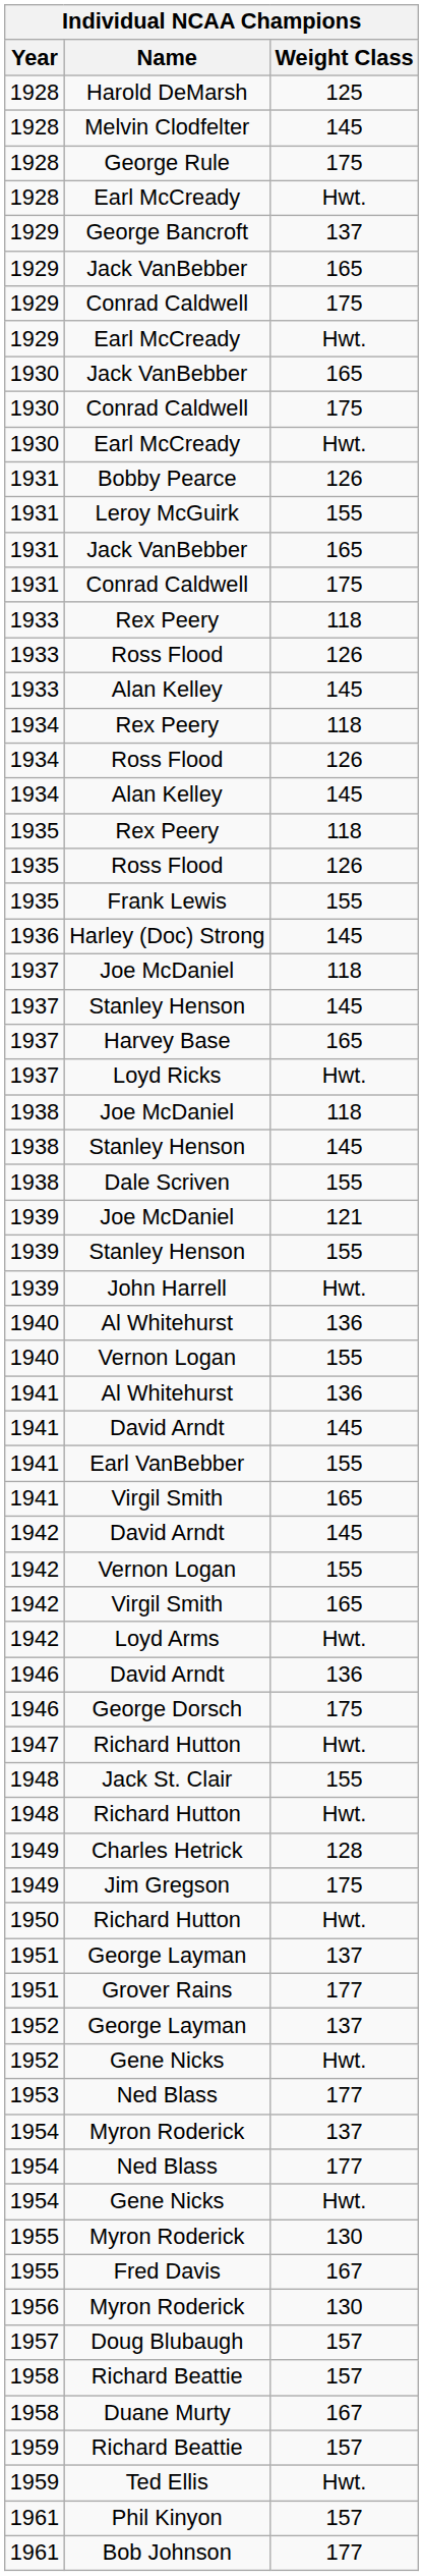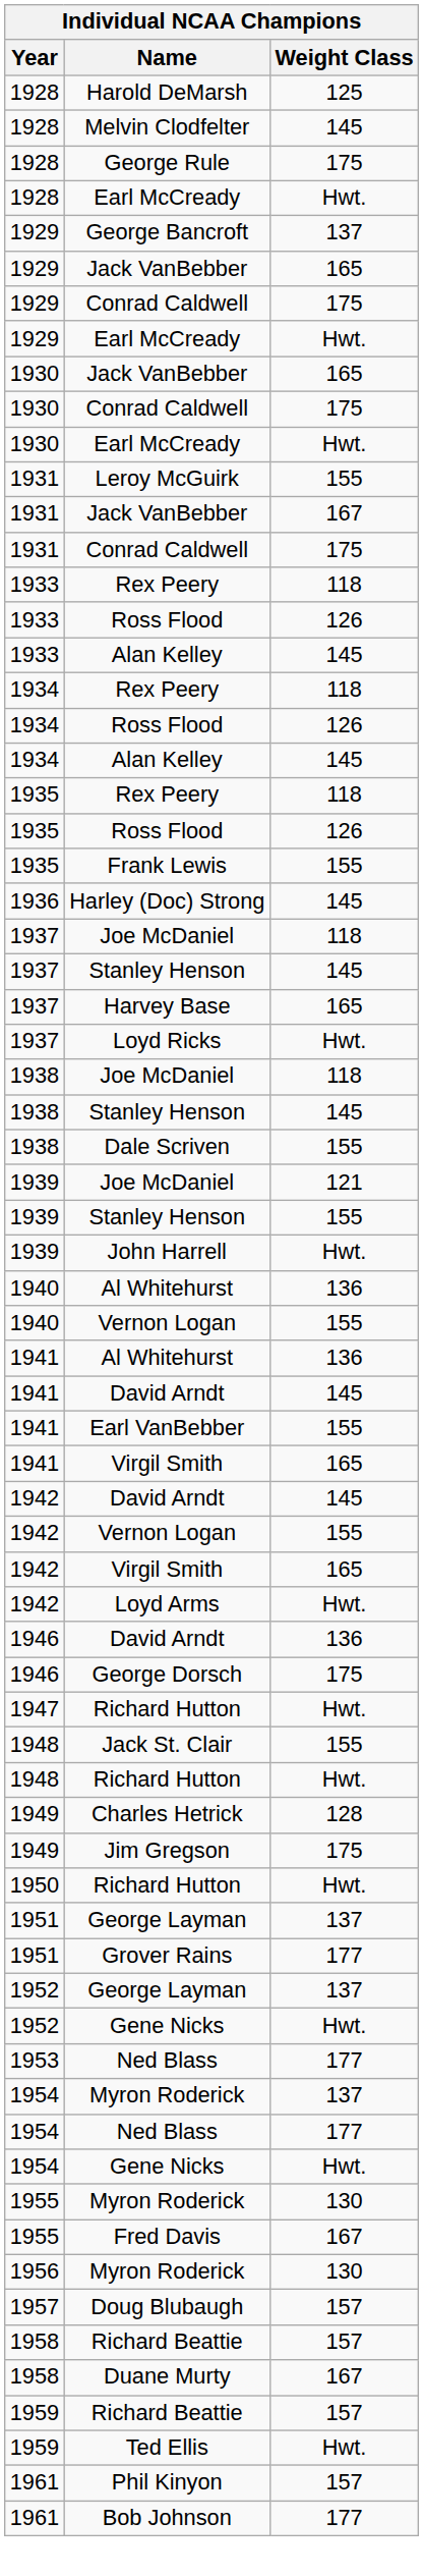 <table class="wikitable">
 <tr>
 <th colspan="3">Individual NCAA Champions</th>
 </tr>
 <tr>
 <th scope="col">Year</th>
 <th scope="col">Name</th>
 <th scope="col">Weight Class</th>
 </tr>
 <tr>
 <td>1928</td>
 <td style="text-align: center;">Harold DeMarsh</td>
 <td style="text-align: center;">125</td>
 </tr>
 <tr>
 <td>1928</td>
 <td style="text-align: center;">Melvin Clodfelter</td>
 <td style="text-align: center;">145</td>
 </tr>
 <tr>
 <td>1928</td>
 <td style="text-align: center;">George Rule</td>
 <td style="text-align: center;">175</td>
 </tr>
 <tr>
 <td>1928</td>
 <td style="text-align: center;">Earl McCready</td>
 <td style="text-align: center;">Hwt.</td>
 </tr>
 <tr>
 <td>1929</td>
 <td style="text-align: center;">George Bancroft</td>
 <td style="text-align: center;">137</td>
 </tr>
 <tr>
 <td>1929</td>
 <td style="text-align: center;">Jack VanBebber</td>
 <td style="text-align: center;">165</td>
 </tr>
 <tr>
 <td>1929</td>
 <td style="text-align: center;">Conrad Caldwell</td>
 <td style="text-align: center;">175</td>
 </tr>
 <tr>
 <td>1929</td>
 <td style="text-align: center;">Earl McCready</td>
 <td style="text-align: center;">Hwt.</td>
 </tr>
 <tr>
 <td>1930</td>
 <td style="text-align: center;">Jack VanBebber</td>
 <td style="text-align: center;">165</td>
 </tr>
 <tr>
 <td>1930</td>
 <td style="text-align: center;">Conrad Caldwell</td>
 <td style="text-align: center;">175</td>
 </tr>
 <tr>
 <td>1930</td>
 <td style="text-align: center;">Earl McCready</td>
 <td style="text-align: center;">Hwt.</td>
 </tr>
 <tr>
 <td>1931</td>
-<td style="text-align: center;">Bobby Pearce</td>
-<td style="text-align: center;">126</td>
-</tr>
-<tr>
-<td>1931</td>
 <td style="text-align: center;">Leroy McGuirk</td>
 <td style="text-align: center;">155</td>
 </tr>
 <tr>
 <td>1931</td>
 <td style="text-align: center;">Jack VanBebber</td>
-<td style="text-align: center;">165</td>
+<td style="text-align: center;">167</td>
 </tr>
 <tr>
 <td>1931</td>
 <td style="text-align: center;">Conrad Caldwell</td>
 <td style="text-align: center;">175</td>
 </tr>
 <tr>
 <td>1933</td>
 <td style="text-align: center;">Rex Peery</td>
 <td style="text-align: center;">118</td>
 </tr>
 <tr>
 <td>1933</td>
 <td style="text-align: center;">Ross Flood</td>
 <td style="text-align: center;">126</td>
 </tr>
 <tr>
 <td>1933</td>
 <td style="text-align: center;">Alan Kelley</td>
 <td style="text-align: center;">145</td>
 </tr>
 <tr>
 <td>1934</td>
 <td style="text-align: center;">Rex Peery</td>
 <td style="text-align: center;">118</td>
 </tr>
 <tr>
 <td>1934</td>
 <td style="text-align: center;">Ross Flood</td>
 <td style="text-align: center;">126</td>
 </tr>
 <tr>
 <td>1934</td>
 <td style="text-align: center;">Alan Kelley</td>
 <td style="text-align: center;">145</td>
 </tr>
 <tr>
 <td>1935</td>
 <td style="text-align: center;">Rex Peery</td>
 <td style="text-align: center;">118</td>
 </tr>
 <tr>
 <td>1935</td>
 <td style="text-align: center;">Ross Flood</td>
 <td style="text-align: center;">126</td>
 </tr>
 <tr>
 <td>1935</td>
 <td style="text-align: center;">Frank Lewis</td>
 <td style="text-align: center;">155</td>
 </tr>
 <tr>
 <td>1936</td>
 <td style="text-align: center;">Harley (Doc) Strong</td>
 <td style="text-align: center;">145</td>
 </tr>
 <tr>
 <td>1937</td>
 <td style="text-align: center;">Joe McDaniel</td>
 <td style="text-align: center;">118</td>
 </tr>
 <tr>
 <td>1937</td>
 <td style="text-align: center;">Stanley Henson</td>
 <td style="text-align: center;">145</td>
 </tr>
 <tr>
 <td>1937</td>
 <td style="text-align: center;">Harvey Base</td>
 <td style="text-align: center;">165</td>
 </tr>
 <tr>
 <td>1937</td>
 <td style="text-align: center;">Loyd Ricks</td>
 <td style="text-align: center;">Hwt.</td>
 </tr>
 <tr>
 <td>1938</td>
 <td style="text-align: center;">Joe McDaniel</td>
 <td style="text-align: center;">118</td>
 </tr>
 <tr>
 <td>1938</td>
 <td style="text-align: center;">Stanley Henson</td>
 <td style="text-align: center;">145</td>
 </tr>
 <tr>
 <td>1938</td>
 <td style="text-align: center;">Dale Scriven</td>
 <td style="text-align: center;">155</td>
 </tr>
 <tr>
 <td>1939</td>
 <td style="text-align: center;">Joe McDaniel</td>
 <td style="text-align: center;">121</td>
 </tr>
 <tr>
 <td>1939</td>
 <td style="text-align: center;">Stanley Henson</td>
 <td style="text-align: center;">155</td>
 </tr>
 <tr>
 <td>1939</td>
 <td style="text-align: center;">John Harrell</td>
 <td style="text-align: center;">Hwt.</td>
 </tr>
 <tr>
 <td>1940</td>
 <td style="text-align: center;">Al Whitehurst</td>
 <td style="text-align: center;">136</td>
 </tr>
 <tr>
 <td>1940</td>
 <td style="text-align: center;">Vernon Logan</td>
 <td style="text-align: center;">155</td>
 </tr>
 <tr>
 <td>1941</td>
 <td style="text-align: center;">Al Whitehurst</td>
 <td style="text-align: center;">136</td>
 </tr>
 <tr>
 <td>1941</td>
 <td style="text-align: center;">David Arndt</td>
 <td style="text-align: center;">145</td>
 </tr>
 <tr>
 <td>1941</td>
 <td style="text-align: center;">Earl VanBebber</td>
 <td style="text-align: center;">155</td>
 </tr>
 <tr>
 <td>1941</td>
 <td style="text-align: center;">Virgil Smith</td>
 <td style="text-align: center;">165</td>
 </tr>
 <tr>
 <td>1942</td>
 <td style="text-align: center;">David Arndt</td>
 <td style="text-align: center;">145</td>
 </tr>
 <tr>
 <td>1942</td>
 <td style="text-align: center;">Vernon Logan</td>
 <td style="text-align: center;">155</td>
 </tr>
 <tr>
 <td>1942</td>
 <td style="text-align: center;">Virgil Smith</td>
 <td style="text-align: center;">165</td>
 </tr>
 <tr>
 <td>1942</td>
 <td style="text-align: center;">Loyd Arms</td>
 <td style="text-align: center;">Hwt.</td>
 </tr>
 <tr>
 <td>1946</td>
 <td style="text-align: center;">David Arndt</td>
 <td style="text-align: center;">136</td>
 </tr>
 <tr>
 <td>1946</td>
 <td style="text-align: center;">George Dorsch</td>
 <td style="text-align: center;">175</td>
 </tr>
 <tr>
 <td>1947</td>
 <td style="text-align: center;">Richard Hutton</td>
 <td style="text-align: center;">Hwt.</td>
 </tr>
 <tr>
 <td>1948</td>
 <td style="text-align: center;">Jack St. Clair</td>
 <td style="text-align: center;">155</td>
 </tr>
 <tr>
 <td>1948</td>
 <td style="text-align: center;">Richard Hutton</td>
 <td style="text-align: center;">Hwt.</td>
 </tr>
 <tr>
 <td>1949</td>
 <td style="text-align: center;">Charles Hetrick</td>
 <td style="text-align: center;">128</td>
 </tr>
 <tr>
 <td>1949</td>
 <td style="text-align: center;">Jim Gregson</td>
 <td style="text-align: center;">175</td>
 </tr>
 <tr>
 <td>1950</td>
 <td style="text-align: center;">Richard Hutton</td>
 <td style="text-align: center;">Hwt.</td>
 </tr>
 <tr>
 <td>1951</td>
 <td style="text-align: center;">George Layman</td>
 <td style="text-align: center;">137</td>
 </tr>
 <tr>
 <td>1951</td>
 <td style="text-align: center;">Grover Rains</td>
 <td style="text-align: center;">177</td>
 </tr>
 <tr>
 <td>1952</td>
 <td style="text-align: center;">George Layman</td>
 <td style="text-align: center;">137</td>
 </tr>
 <tr>
 <td>1952</td>
 <td style="text-align: center;">Gene Nicks</td>
 <td style="text-align: center;">Hwt.</td>
 </tr>
 <tr>
 <td>1953</td>
 <td style="text-align: center;">Ned Blass</td>
 <td style="text-align: center;">177</td>
 </tr>
 <tr>
 <td>1954</td>
 <td style="text-align: center;">Myron Roderick</td>
 <td style="text-align: center;">137</td>
 </tr>
 <tr>
 <td>1954</td>
 <td style="text-align: center;">Ned Blass</td>
 <td style="text-align: center;">177</td>
 </tr>
 <tr>
 <td>1954</td>
 <td style="text-align: center;">Gene Nicks</td>
 <td style="text-align: center;">Hwt.</td>
 </tr>
 <tr>
 <td>1955</td>
 <td style="text-align: center;">Myron Roderick</td>
 <td style="text-align: center;">130</td>
 </tr>
 <tr>
 <td>1955</td>
 <td style="text-align: center;">Fred Davis</td>
 <td style="text-align: center;">167</td>
 </tr>
 <tr>
 <td>1956</td>
 <td style="text-align: center;">Myron Roderick</td>
 <td style="text-align: center;">130</td>
 </tr>
 <tr>
 <td>1957</td>
 <td style="text-align: center;">Doug Blubaugh</td>
 <td style="text-align: center;">157</td>
 </tr>
 <tr>
 <td>1958</td>
 <td style="text-align: center;">Richard Beattie</td>
 <td style="text-align: center;">157</td>
 </tr>
 <tr>
 <td>1958</td>
 <td style="text-align: center;">Duane Murty</td>
 <td style="text-align: center;">167</td>
 </tr>
 <tr>
 <td>1959</td>
 <td style="text-align: center;">Richard Beattie</td>
 <td style="text-align: center;">157</td>
 </tr>
 <tr>
 <td>1959</td>
 <td style="text-align: center;">Ted Ellis</td>
 <td style="text-align: center;">Hwt.</td>
 </tr>
 <tr>
 <td>1961</td>
 <td style="text-align: center;">Phil Kinyon</td>
 <td style="text-align: center;">157</td>
 </tr>
 <tr>
 <td>1961</td>
 <td style="text-align: center;">Bob Johnson</td>
 <td style="text-align: center;">177</td>
 </tr>
 </table>
